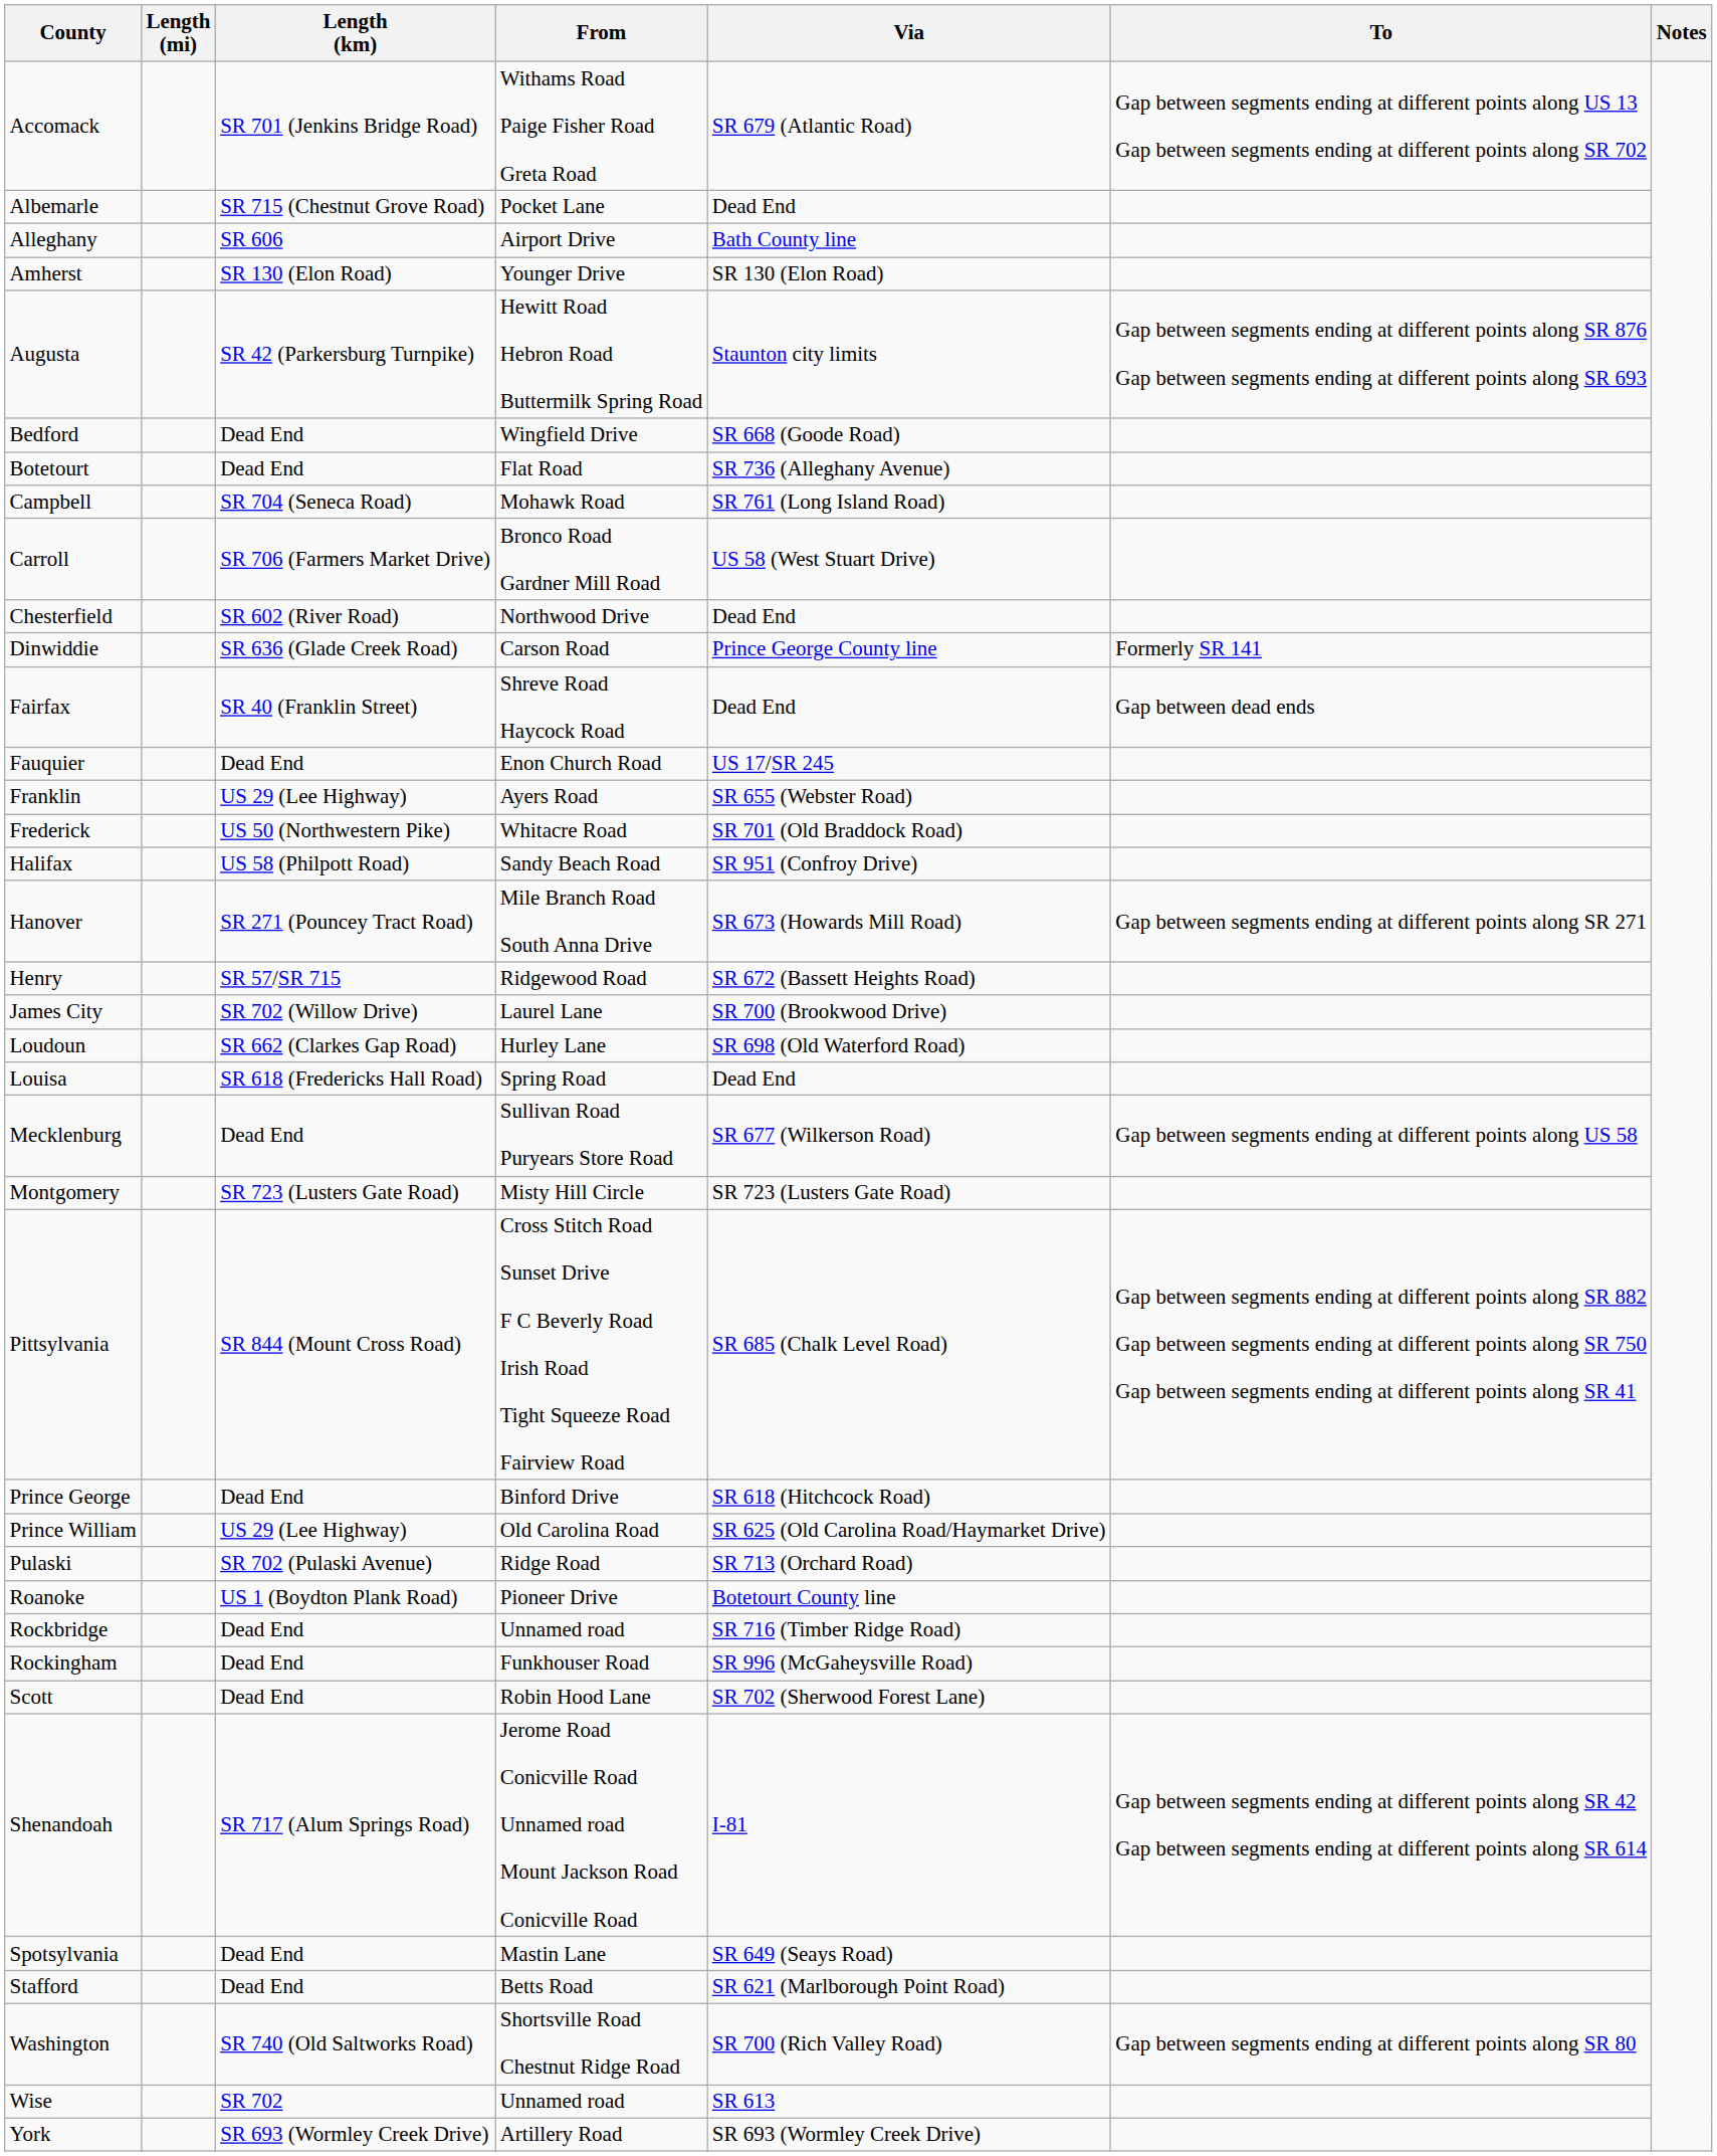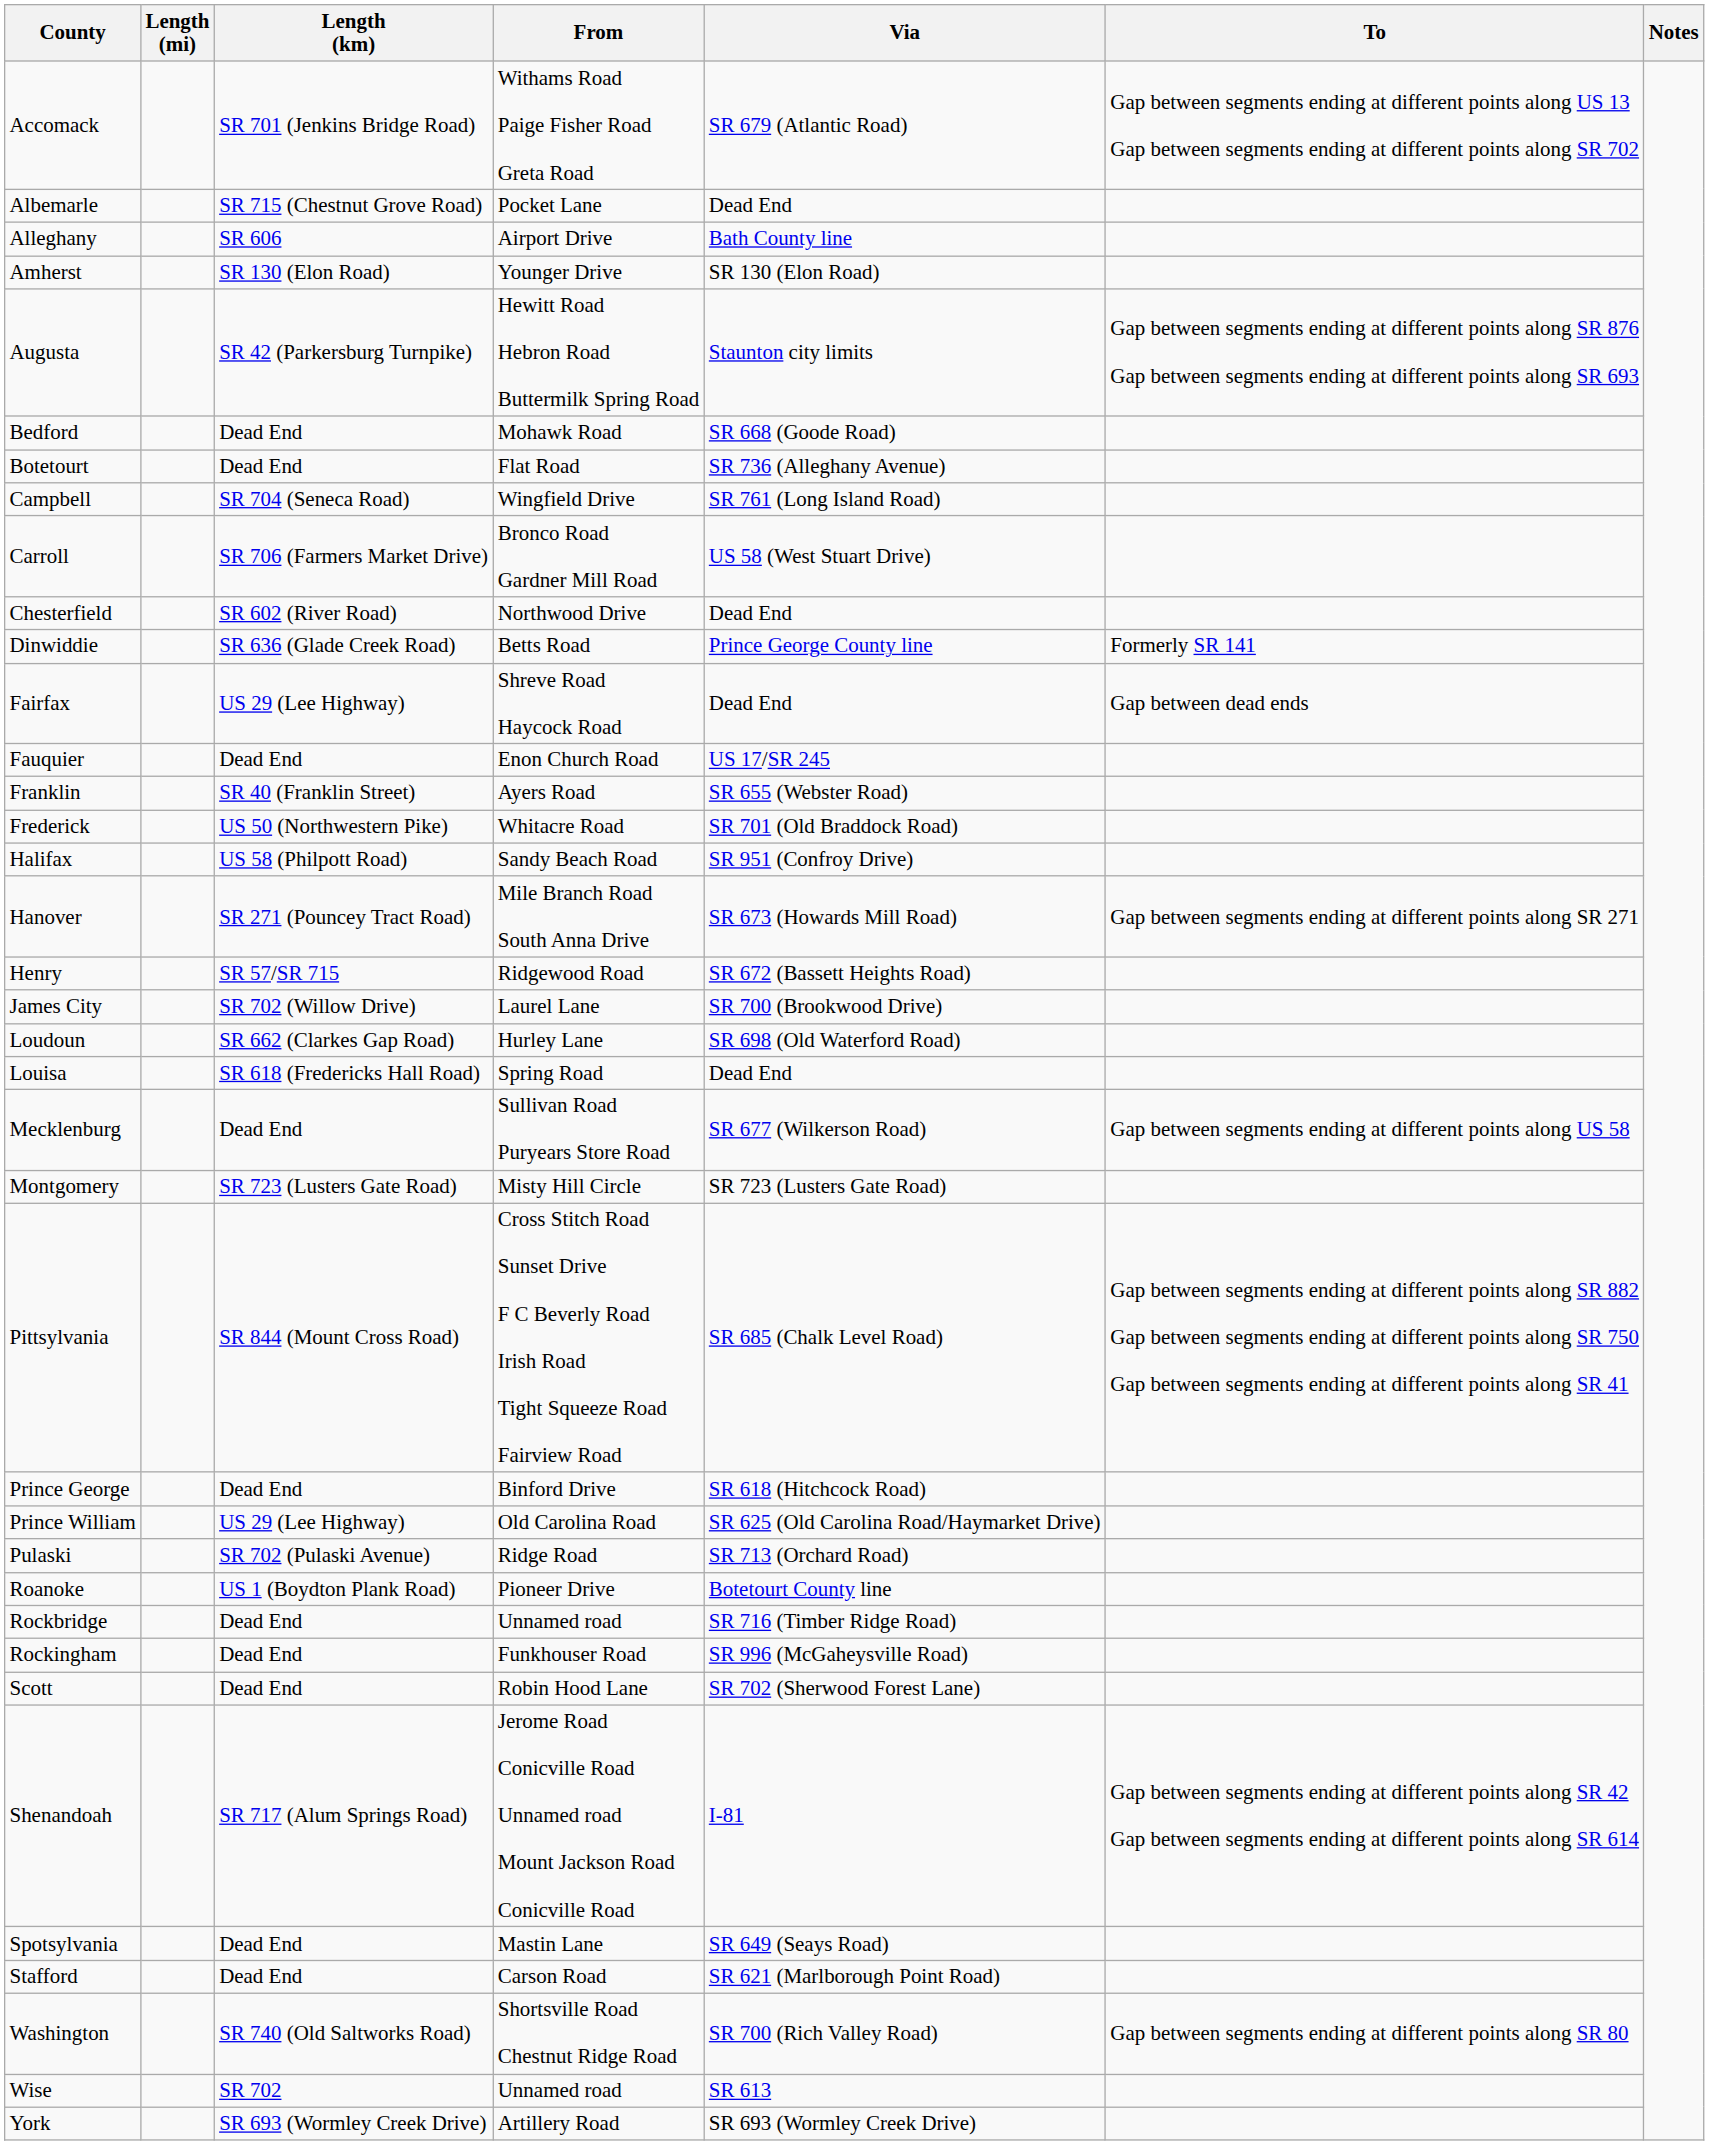 <table class="wikitable sortable">
 <tr>
 <th>County</th>
 <th>Length<br>(mi)</th>
 <th>Length<br>(km)</th>
 <th class="unsortable">From</th>
 <th class="unsortable">Via</th>
 <th class="unsortable">To</th>
 <th class="unsortable">Notes</th>
 </tr>
 <tr>
 <td id="Accomack">Accomack</td>
 <td></td>
 <td><a href='#'>SR 701</a> (Jenkins Bridge Road)</td>
 <td>Withams Road<br><br>Paige Fisher Road<br><br>Greta Road</td>
 <td><a href='#'>SR 679</a> (Atlantic Road)</td>
 <td>Gap between segments ending at different points along <a href='#'>US 13</a><br><br>Gap between segments ending at different points along <a href='#'>SR 702</a></td>
 </tr>
 <tr>
 <td id="Albemarle">Albemarle</td>
 <td></td>
 <td><a href='#'>SR 715</a> (Chestnut Grove Road)</td>
 <td>Pocket Lane</td>
 <td>Dead End</td>
 <td></td>
 </tr>
 <tr>
 <td id="Alleghany">Alleghany</td>
 <td></td>
 <td><a href='#'>SR 606</a></td>
 <td>Airport Drive</td>
 <td><a href='#'>Bath County line</a></td>
 <td><br></td>
 </tr>
 <tr>
 <td id="Amherst">Amherst</td>
 <td></td>
 <td><a href='#'>SR 130</a> (Elon Road)</td>
 <td>Younger Drive</td>
 <td>SR 130 (Elon Road)</td>
 <td><br> </td>
 </tr>
 <tr>
 <td id="Augusta">Augusta</td>
 <td></td>
 <td><a href='#'>SR 42</a> (Parkersburg Turnpike)</td>
 <td>Hewitt Road<br><br>Hebron Road<br><br>Buttermilk Spring Road</td>
 <td><a href='#'>Staunton</a> city limits</td>
 <td>Gap between segments ending at different points along <a href='#'>SR 876</a><br><br>Gap between segments ending at different points along <a href='#'>SR 693</a><br></td>
 </tr>
 <tr>
 <td id="Bedford">Bedford</td>
 <td></td>
 <td>Dead End</td>
-<td>Wingfield Drive</td>
+<td>Mohawk Road</td>
 <td><a href='#'>SR 668</a> (Goode Road)</td>
 <td><br></td>
 </tr>
 <tr>
 <td id="Botetourt">Botetourt</td>
 <td></td>
 <td>Dead End</td>
 <td>Flat Road</td>
 <td><a href='#'>SR 736</a> (Alleghany Avenue)</td>
 <td><br>  </td>
 </tr>
 <tr>
 <td id="Campbell">Campbell</td>
 <td></td>
 <td><a href='#'>SR 704</a> (Seneca Road)</td>
-<td>Mohawk Road</td>
+<td>Wingfield Drive</td>
 <td><a href='#'>SR 761</a> (Long Island Road)</td>
 <td><br></td>
 </tr>
 <tr>
 <td id="Carroll">Carroll</td>
 <td></td>
 <td><a href='#'>SR 706</a> (Farmers Market Drive)</td>
 <td>Bronco Road<br><br>Gardner Mill Road</td>
 <td><a href='#'>US 58</a> (West Stuart Drive)</td>
 <td><br> </td>
 </tr>
 <tr>
 <td id="Chesterfield">Chesterfield</td>
 <td></td>
 <td><a href='#'>SR 602</a> (River Road)</td>
 <td>Northwood Drive</td>
 <td>Dead End</td>
 <td><br>    </td>
 </tr>
 <tr>
 <td id="Dinwiddie">Dinwiddie</td>
 <td></td>
 <td><a href='#'>SR 636</a> (Glade Creek Road)</td>
-<td>Carson Road</td>
+<td>Betts Road</td>
 <td><a href='#'>Prince George County line</a></td>
 <td>Formerly <a href='#'>SR 141</a><br></td>
 </tr>
 <tr>
 <td id="Fairfax">Fairfax</td>
 <td></td>
-<td><a href='#'>SR 40</a> (Franklin Street)</td>
+<td><a href='#'>US 29</a> (Lee Highway)</td>
 <td>Shreve Road<br><br>Haycock Road</td>
 <td>Dead End</td>
 <td>Gap between dead ends</td>
 </tr>
 <tr>
 <td id="Fauquier">Fauquier</td>
 <td></td>
 <td>Dead End</td>
 <td>Enon Church Road</td>
 <td><a href='#'>US 17</a>/<a href='#'>SR 245</a></td>
 <td><br> </td>
 </tr>
 <tr>
 <td id="Franklin">Franklin</td>
 <td></td>
-<td><a href='#'>US 29</a> (Lee Highway)</td>
+<td><a href='#'>SR 40</a> (Franklin Street)</td>
 <td>Ayers Road</td>
 <td><a href='#'>SR 655</a> (Webster Road)</td>
 <td></td>
 </tr>
 <tr>
 <td id="Frederick">Frederick</td>
 <td></td>
 <td><a href='#'>US 50</a> (Northwestern Pike)</td>
 <td>Whitacre Road</td>
 <td><a href='#'>SR 701</a> (Old Braddock Road)</td>
 <td><br>     </td>
 </tr>
 <tr>
 <td id="Halifax">Halifax</td>
 <td></td>
 <td><a href='#'>US 58</a> (Philpott Road)</td>
 <td>Sandy Beach Road</td>
 <td><a href='#'>SR 951</a> (Confroy Drive)</td>
 <td></td>
 </tr>
 <tr>
 <td id="Hanover">Hanover</td>
 <td></td>
 <td><a href='#'>SR 271</a> (Pouncey Tract Road)</td>
 <td>Mile Branch Road<br><br>South Anna Drive</td>
 <td><a href='#'>SR 673</a> (Howards Mill Road)</td>
 <td>Gap between segments ending at different points along SR 271<br></td>
 </tr>
 <tr>
 <td id="Henry">Henry</td>
 <td></td>
 <td><a href='#'>SR 57</a>/<a href='#'>SR 715</a></td>
 <td>Ridgewood Road</td>
 <td><a href='#'>SR 672</a> (Bassett Heights Road)</td>
 <td><br> </td>
 </tr>
 <tr>
 <td id="James City">James City</td>
 <td></td>
 <td><a href='#'>SR 702</a> (Willow Drive)</td>
 <td>Laurel Lane</td>
 <td><a href='#'>SR 700</a> (Brookwood Drive)</td>
 <td><br>    </td>
 </tr>
 <tr>
 <td id="Loudoun">Loudoun</td>
 <td></td>
 <td><a href='#'>SR 662</a> (Clarkes Gap Road)</td>
 <td>Hurley Lane</td>
 <td><a href='#'>SR 698</a> (Old Waterford Road)</td>
 <td></td>
 </tr>
 <tr>
 <td id="Louisa">Louisa</td>
 <td></td>
 <td><a href='#'>SR 618</a> (Fredericks Hall Road)</td>
 <td>Spring Road</td>
 <td>Dead End</td>
 <td><br>  </td>
 </tr>
 <tr>
 <td id="Mecklenburg">Mecklenburg</td>
 <td></td>
 <td>Dead End</td>
 <td>Sullivan Road<br><br>Puryears Store Road</td>
 <td><a href='#'>SR 677</a> (Wilkerson Road)</td>
 <td>Gap between segments ending at different points along <a href='#'>US 58</a><br></td>
 </tr>
 <tr>
 <td id="Montgomery">Montgomery</td>
 <td></td>
 <td><a href='#'>SR 723</a> (Lusters Gate Road)</td>
 <td>Misty Hill Circle</td>
 <td>SR 723 (Lusters Gate Road)</td>
 <td><br>       </td>
 </tr>
 <tr>
 <td id="Pittsylvania">Pittsylvania</td>
 <td></td>
 <td><a href='#'>SR 844</a> (Mount Cross Road)</td>
 <td>Cross Stitch Road<br><br>Sunset Drive<br><br>F C Beverly Road<br><br>Irish Road<br><br>Tight Squeeze Road<br><br>Fairview Road</td>
 <td><a href='#'>SR 685</a> (Chalk Level Road)</td>
 <td>Gap between segments ending at different points along <a href='#'>SR 882</a><br><br>Gap between segments ending at different points along <a href='#'>SR 750</a><br><br>Gap between segments ending at different points along <a href='#'>SR 41</a><br> </td>
 </tr>
 <tr>
 <td id="Prince George">Prince George</td>
 <td></td>
 <td>Dead End</td>
 <td>Binford Drive</td>
 <td><a href='#'>SR 618</a> (Hitchcock Road)</td>
 <td></td>
 </tr>
 <tr>
 <td id="Prince William">Prince William</td>
 <td></td>
 <td><a href='#'>US 29</a> (Lee Highway)</td>
 <td>Old Carolina Road</td>
 <td><a href='#'>SR 625</a> (Old Carolina Road/Haymarket Drive)</td>
 <td></td>
 </tr>
 <tr>
 <td id="Pulaski">Pulaski</td>
 <td></td>
 <td><a href='#'>SR 702</a> (Pulaski Avenue)</td>
 <td>Ridge Road</td>
 <td><a href='#'>SR 713</a> (Orchard Road)</td>
 <td><br> </td>
 </tr>
 <tr>
 <td id="Roanoke">Roanoke</td>
 <td></td>
 <td><a href='#'>US 1</a> (Boydton Plank Road)</td>
 <td>Pioneer Drive</td>
 <td><a href='#'>Botetourt County</a> line</td>
 <td></td>
 </tr>
 <tr>
 <td id="Rockbridge">Rockbridge</td>
 <td></td>
 <td>Dead End</td>
 <td>Unnamed road</td>
 <td><a href='#'>SR 716</a> (Timber Ridge Road)</td>
 <td></td>
 </tr>
 <tr>
 <td id="Rockingham">Rockingham</td>
 <td></td>
 <td>Dead End</td>
 <td>Funkhouser Road</td>
 <td><a href='#'>SR 996</a> (McGaheysville Road)</td>
 <td><br></td>
 </tr>
 <tr>
 <td id="Scott">Scott</td>
 <td></td>
 <td>Dead End</td>
 <td>Robin Hood Lane</td>
 <td><a href='#'>SR 702</a> (Sherwood Forest Lane)</td>
 <td></td>
 </tr>
 <tr>
 <td id="Shenandoah">Shenandoah</td>
 <td></td>
 <td><a href='#'>SR 717</a> (Alum Springs Road)</td>
 <td>Jerome Road<br><br>Conicville Road<br><br>Unnamed road<br><br>Mount Jackson Road<br><br>Conicville Road</td>
 <td><a href='#'>I-81</a></td>
 <td>Gap between segments ending at different points along <a href='#'>SR 42</a><br><br>Gap between segments ending at different points along <a href='#'>SR 614</a><br> </td>
 </tr>
 <tr>
 <td id="Spotsylvania">Spotsylvania</td>
 <td></td>
 <td>Dead End</td>
 <td>Mastin Lane</td>
 <td><a href='#'>SR 649</a> (Seays Road)</td>
 <td></td>
 </tr>
 <tr>
 <td id="Stafford">Stafford</td>
 <td></td>
 <td>Dead End</td>
-<td>Betts Road</td>
+<td>Carson Road</td>
 <td><a href='#'>SR 621</a> (Marlborough Point Road)</td>
 <td><br>   </td>
 </tr>
 <tr>
 <td id="Washington">Washington</td>
 <td></td>
 <td><a href='#'>SR 740</a> (Old Saltworks Road)</td>
 <td>Shortsville Road<br><br>Chestnut Ridge Road</td>
 <td><a href='#'>SR 700</a> (Rich Valley Road)</td>
 <td>Gap between segments ending at different points along <a href='#'>SR 80</a><br></td>
 </tr>
 <tr>
 <td id="Wise">Wise</td>
 <td></td>
 <td><a href='#'>SR 702</a></td>
 <td>Unnamed road</td>
 <td><a href='#'>SR 613</a></td>
 <td><br></td>
 </tr>
 <tr>
 <td id="York">York</td>
 <td></td>
 <td><a href='#'>SR 693</a> (Wormley Creek Drive)</td>
 <td>Artillery Road</td>
 <td>SR 693 (Wormley Creek Drive)</td>
 <td></td>
 </tr>
 </table>
